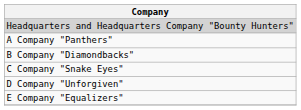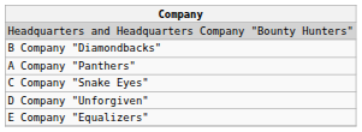 <table class="wikitable">
 <tr>
 <th>Company</th>
 </tr>
 <tr>
 <td style="background: lightgrey;">Headquarters and Headquarters Company "Bounty Hunters"</td>
 </tr>
 <tr>
-<td>A Company "Panthers"</td>
+<td>B Company "Diamondbacks"</td>
 </tr>
 <tr>
-<td>B Company "Diamondbacks"</td>
+<td>A Company "Panthers"</td>
 </tr>
 <tr>
 <td>C Company "Snake Eyes"</td>
 </tr>
 <tr>
 <td>D Company "Unforgiven"</td>
 </tr>
 <tr>
 <td>E Company "Equalizers"</td>
 </tr>
 <tr>
 </tr>
 </table>
